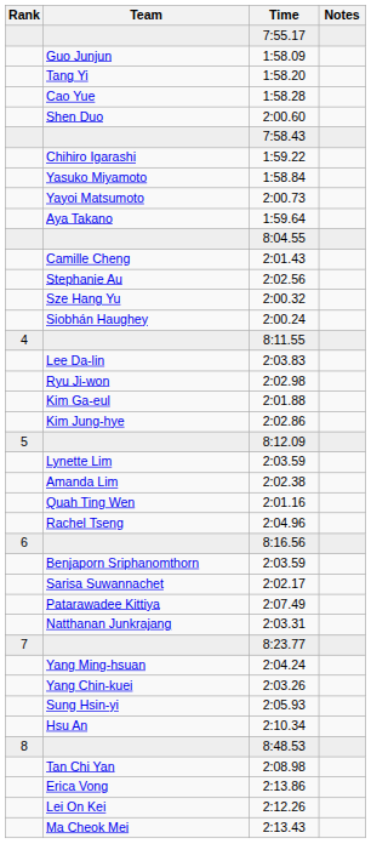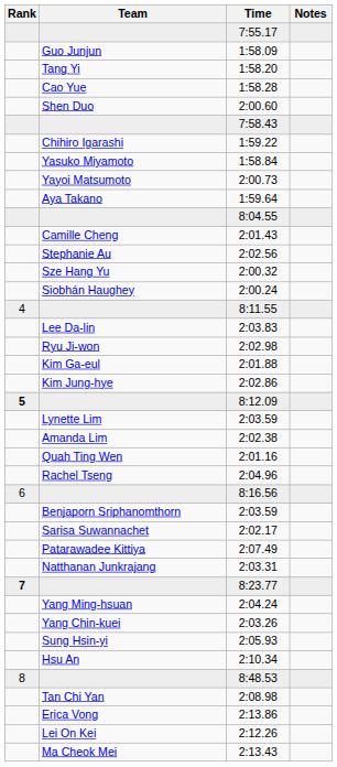 <table class="wikitable" style="text-align:center">
 <tr>
 <th width=40>Rank</th>
 <th width=250>Team</th>
 <th width=80>Time</th>
 <th width=50>Notes</th>
 </tr>
 <tr bgcolor=eeeeee>
 <td></td>
 <td align=left></td>
 <td>7:55.17</td>
 <td></td>
 </tr>
 <tr>
 <td></td>
 <td align=left><a href='#'>Guo Junjun</a></td>
 <td>1:58.09</td>
 <td></td>
 </tr>
 <tr>
 <td></td>
 <td align=left><a href='#'>Tang Yi</a></td>
 <td>1:58.20</td>
 <td></td>
 </tr>
 <tr>
 <td></td>
 <td align=left><a href='#'>Cao Yue</a></td>
 <td>1:58.28</td>
 <td></td>
 </tr>
 <tr>
 <td></td>
 <td align=left><a href='#'>Shen Duo</a></td>
 <td>2:00.60</td>
 <td></td>
 </tr>
 <tr bgcolor=eeeeee>
 <td></td>
 <td align=left></td>
 <td>7:58.43</td>
 <td></td>
 </tr>
 <tr>
 <td></td>
 <td align=left><a href='#'>Chihiro Igarashi</a></td>
 <td>1:59.22</td>
 <td></td>
 </tr>
 <tr>
 <td></td>
 <td align=left><a href='#'>Yasuko Miyamoto</a></td>
 <td>1:58.84</td>
 <td></td>
 </tr>
 <tr>
 <td></td>
 <td align=left><a href='#'>Yayoi Matsumoto</a></td>
 <td>2:00.73</td>
 <td></td>
 </tr>
 <tr>
 <td></td>
 <td align=left><a href='#'>Aya Takano</a></td>
 <td>1:59.64</td>
 <td></td>
 </tr>
 <tr bgcolor=eeeeee>
 <td></td>
 <td align=left></td>
 <td>8:04.55</td>
 <td></td>
 </tr>
 <tr>
 <td></td>
 <td align=left><a href='#'>Camille Cheng</a></td>
 <td>2:01.43</td>
 <td></td>
 </tr>
 <tr>
 <td></td>
 <td align=left><a href='#'>Stephanie Au</a></td>
 <td>2:02.56</td>
 <td></td>
 </tr>
 <tr>
 <td></td>
 <td align=left><a href='#'>Sze Hang Yu</a></td>
 <td>2:00.32</td>
 <td></td>
 </tr>
 <tr>
 <td></td>
 <td align=left><a href='#'>Siobhán Haughey</a></td>
 <td>2:00.24</td>
 <td></td>
 </tr>
 <tr bgcolor=eeeeee>
 <td>4</td>
 <td align=left></td>
 <td>8:11.55</td>
 <td></td>
 </tr>
 <tr>
 <td></td>
 <td align=left><a href='#'>Lee Da-lin</a></td>
 <td>2:03.83</td>
 <td></td>
 </tr>
 <tr>
 <td></td>
 <td align=left><a href='#'>Ryu Ji-won</a></td>
 <td>2:02.98</td>
 <td></td>
 </tr>
 <tr>
 <td></td>
 <td align=left><a href='#'>Kim Ga-eul</a></td>
 <td>2:01.88</td>
 <td></td>
 </tr>
 <tr>
 <td></td>
 <td align=left><a href='#'>Kim Jung-hye</a></td>
 <td>2:02.86</td>
 <td></td>
 </tr>
 <tr bgcolor=eeeeee>
-<td>5</td>
+<td><strong>5</strong></td>
 <td align=left></td>
 <td>8:12.09</td>
 <td></td>
 </tr>
 <tr>
 <td></td>
 <td align=left><a href='#'>Lynette Lim</a></td>
 <td>2:03.59</td>
 <td></td>
 </tr>
 <tr>
 <td></td>
 <td align=left><a href='#'>Amanda Lim</a></td>
 <td>2:02.38</td>
 <td></td>
 </tr>
 <tr>
 <td></td>
 <td align=left><a href='#'>Quah Ting Wen</a></td>
 <td>2:01.16</td>
 <td></td>
 </tr>
 <tr>
 <td></td>
 <td align=left><a href='#'>Rachel Tseng</a></td>
 <td>2:04.96</td>
 <td></td>
 </tr>
 <tr bgcolor=eeeeee>
 <td>6</td>
 <td align=left></td>
 <td>8:16.56</td>
 <td></td>
 </tr>
 <tr>
 <td></td>
 <td align=left><a href='#'>Benjaporn Sriphanomthorn</a></td>
 <td>2:03.59</td>
 <td></td>
 </tr>
 <tr>
 <td></td>
 <td align=left><a href='#'>Sarisa Suwannachet</a></td>
 <td>2:02.17</td>
 <td></td>
 </tr>
 <tr>
 <td></td>
 <td align=left><a href='#'>Patarawadee Kittiya</a></td>
 <td>2:07.49</td>
 <td></td>
 </tr>
 <tr>
 <td></td>
 <td align=left><a href='#'>Natthanan Junkrajang</a></td>
 <td>2:03.31</td>
 <td></td>
 </tr>
 <tr bgcolor=eeeeee>
-<td>7</td>
+<td><strong>7</strong></td>
 <td align=left></td>
 <td>8:23.77</td>
 <td></td>
 </tr>
 <tr>
 <td></td>
 <td align=left><a href='#'>Yang Ming-hsuan</a></td>
 <td>2:04.24</td>
 <td></td>
 </tr>
 <tr>
 <td></td>
 <td align=left><a href='#'>Yang Chin-kuei</a></td>
 <td>2:03.26</td>
 <td></td>
 </tr>
 <tr>
 <td></td>
 <td align=left><a href='#'>Sung Hsin-yi</a></td>
 <td>2:05.93</td>
 <td></td>
 </tr>
 <tr>
 <td></td>
 <td align=left><a href='#'>Hsu An</a></td>
 <td>2:10.34</td>
 <td></td>
 </tr>
 <tr bgcolor=eeeeee>
 <td>8</td>
 <td align=left></td>
 <td>8:48.53</td>
 <td></td>
 </tr>
 <tr>
 <td></td>
 <td align=left><a href='#'>Tan Chi Yan</a></td>
 <td>2:08.98</td>
 <td></td>
 </tr>
 <tr>
 <td></td>
 <td align=left><a href='#'>Erica Vong</a></td>
 <td>2:13.86</td>
 <td></td>
 </tr>
 <tr>
 <td></td>
 <td align=left><a href='#'>Lei On Kei</a></td>
 <td>2:12.26</td>
 <td></td>
 </tr>
 <tr>
 <td></td>
 <td align=left><a href='#'>Ma Cheok Mei</a></td>
 <td>2:13.43</td>
 <td></td>
 </tr>
 </table>
